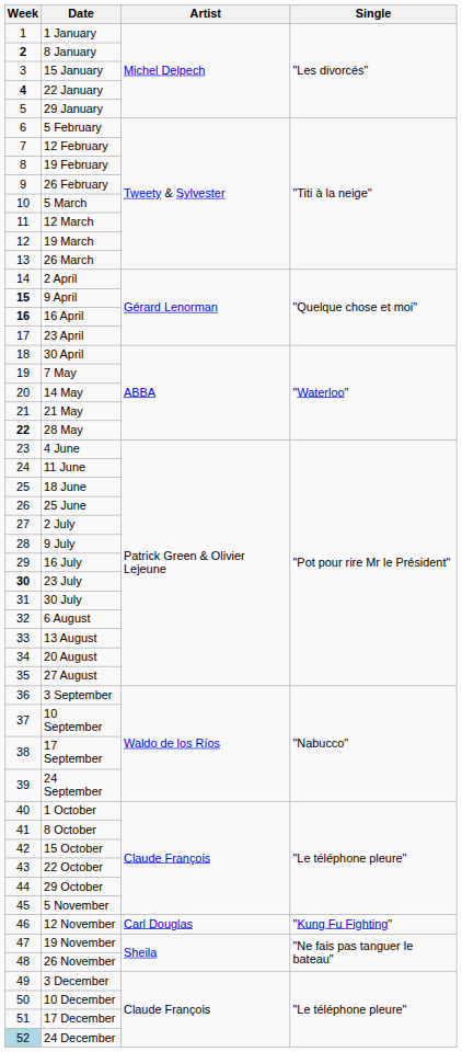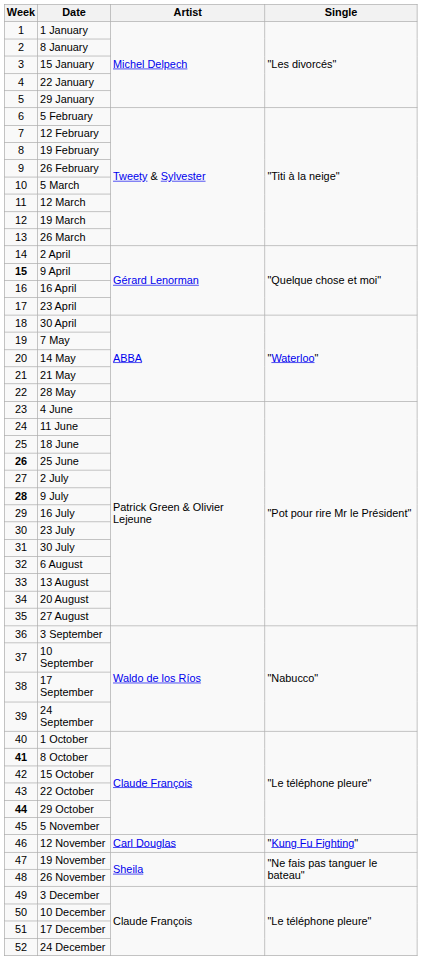 <table class="wikitable">
 <tr>
 <th>Week</th>
 <th>Date</th>
 <th>Artist</th>
 <th>Single</th>
 </tr>
 <tr>
 <td style="text-align: center;">1</td>
 <td>1 January</td>
 <td rowspan="5"><a href='#'>Michel Delpech</a></td>
 <td rowspan="5">"Les divorcés"</td>
 </tr>
 <tr>
-<td style="text-align: center;"><strong>2</strong></td>
+<td style="text-align: center;">2</td>
 <td>8 January</td>
 </tr>
 <tr>
 <td style="text-align: center;">3</td>
 <td>15 January</td>
 </tr>
 <tr>
-<td style="text-align: center;"><strong>4</strong></td>
+<td style="text-align: center;">4</td>
 <td>22 January</td>
 </tr>
 <tr>
 <td style="text-align: center;">5</td>
 <td>29 January</td>
 </tr>
 <tr>
 <td style="text-align: center;">6</td>
 <td>5 February</td>
 <td rowspan="8"><a href='#'>Tweety</a> & <a href='#'>Sylvester</a></td>
 <td rowspan="8">"Titi à la neige"</td>
 </tr>
 <tr>
 <td style="text-align: center;">7</td>
 <td>12 February</td>
 </tr>
 <tr>
 <td style="text-align: center;">8</td>
 <td>19 February</td>
 </tr>
 <tr>
 <td style="text-align: center;">9</td>
 <td>26 February</td>
 </tr>
 <tr>
 <td style="text-align: center;">10</td>
 <td>5 March</td>
 </tr>
 <tr>
 <td style="text-align: center;">11</td>
 <td>12 March</td>
 </tr>
 <tr>
 <td style="text-align: center;">12</td>
 <td>19 March</td>
 </tr>
 <tr>
 <td style="text-align: center;">13</td>
 <td>26 March</td>
 </tr>
 <tr>
 <td style="text-align: center;">14</td>
 <td>2 April</td>
 <td rowspan="4"><a href='#'>Gérard Lenorman</a></td>
 <td rowspan="4">"Quelque chose et moi"</td>
 </tr>
 <tr>
 <td style="text-align: center;"><strong>15</strong></td>
 <td>9 April</td>
 </tr>
 <tr>
-<td style="text-align: center;"><strong>16</strong></td>
+<td style="text-align: center;">16</td>
 <td>16 April</td>
 </tr>
 <tr>
 <td style="text-align: center;">17</td>
 <td>23 April</td>
 </tr>
 <tr>
 <td style="text-align: center;">18</td>
 <td>30 April</td>
 <td rowspan="5"><a href='#'>ABBA</a></td>
 <td rowspan="5">"<a href='#'>Waterloo</a>"</td>
 </tr>
 <tr>
 <td style="text-align: center;">19</td>
 <td>7 May</td>
 </tr>
 <tr>
 <td style="text-align: center;">20</td>
 <td>14 May</td>
 </tr>
 <tr>
 <td style="text-align: center;">21</td>
 <td>21 May</td>
 </tr>
 <tr>
-<td style="text-align: center;"><strong>22</strong></td>
+<td style="text-align: center;">22</td>
 <td>28 May</td>
 </tr>
 <tr>
 <td style="text-align: center;">23</td>
 <td>4 June</td>
 <td rowspan="13">Patrick Green & Olivier Lejeune</td>
 <td rowspan="13">"Pot pour rire Mr le Président"</td>
 </tr>
 <tr>
 <td style="text-align: center;">24</td>
 <td>11 June</td>
 </tr>
 <tr>
 <td style="text-align: center;">25</td>
 <td>18 June</td>
 </tr>
 <tr>
-<td style="text-align: center;">26</td>
+<td style="text-align: center;"><strong>26</strong></td>
 <td>25 June</td>
 </tr>
 <tr>
 <td style="text-align: center;">27</td>
 <td>2 July</td>
 </tr>
 <tr>
-<td style="text-align: center;">28</td>
+<td style="text-align: center;"><strong>28</strong></td>
 <td>9 July</td>
 </tr>
 <tr>
 <td style="text-align: center;">29</td>
 <td>16 July</td>
 </tr>
 <tr>
-<td style="text-align: center;"><strong>30</strong></td>
+<td style="text-align: center;">30</td>
 <td>23 July</td>
 </tr>
 <tr>
 <td style="text-align: center;">31</td>
 <td>30 July</td>
 </tr>
 <tr>
 <td style="text-align: center;">32</td>
 <td>6 August</td>
 </tr>
 <tr>
 <td style="text-align: center;">33</td>
 <td>13 August</td>
 </tr>
 <tr>
 <td style="text-align: center;">34</td>
 <td>20 August</td>
 </tr>
 <tr>
 <td style="text-align: center;">35</td>
 <td>27 August</td>
 </tr>
 <tr>
 <td style="text-align: center;">36</td>
 <td>3 September</td>
 <td rowspan="4"><a href='#'>Waldo de los Ríos</a></td>
 <td rowspan="4">"Nabucco"</td>
 </tr>
 <tr>
 <td style="text-align: center;">37</td>
 <td>10 September</td>
 </tr>
 <tr>
 <td style="text-align: center;">38</td>
 <td>17 September</td>
 </tr>
 <tr>
 <td style="text-align: center;">39</td>
 <td>24 September</td>
 </tr>
 <tr>
 <td style="text-align: center;">40</td>
 <td>1 October</td>
 <td rowspan="6"><a href='#'>Claude François</a></td>
 <td rowspan="6">"Le téléphone pleure"</td>
 </tr>
 <tr>
-<td style="text-align: center;">41</td>
+<td style="text-align: center;"><strong>41</strong></td>
 <td>8 October</td>
 </tr>
 <tr>
 <td style="text-align: center;">42</td>
 <td>15 October</td>
 </tr>
 <tr>
 <td style="text-align: center;">43</td>
 <td>22 October</td>
 </tr>
 <tr>
-<td style="text-align: center;">44</td>
+<td style="text-align: center;"><strong>44</strong></td>
 <td>29 October</td>
 </tr>
 <tr>
 <td style="text-align: center;">45</td>
 <td>5 November</td>
 </tr>
 <tr>
 <td style="text-align: center;">46</td>
 <td>12 November</td>
 <td><a href='#'>Carl Douglas</a></td>
 <td>"<a href='#'>Kung Fu Fighting</a>"</td>
 </tr>
 <tr>
 <td style="text-align: center;">47</td>
 <td>19 November</td>
 <td rowspan="2"><a href='#'>Sheila</a></td>
 <td rowspan="2">"Ne fais pas tanguer le bateau"</td>
 </tr>
 <tr>
 <td style="text-align: center;">48</td>
 <td>26 November</td>
 </tr>
 <tr>
 <td style="text-align: center;">49</td>
 <td>3 December</td>
 <td rowspan="4">Claude François</td>
 <td rowspan="4">"Le téléphone pleure"</td>
 </tr>
 <tr>
 <td style="text-align: center;">50</td>
 <td>10 December</td>
 </tr>
 <tr>
 <td style="text-align: center;">51</td>
 <td>17 December</td>
 </tr>
 <tr>
-<td style="background: lightblue; text-align: center;">52</td>
+<td style="text-align: center;">52</td>
 <td>24 December</td>
 </tr>
 </table>
